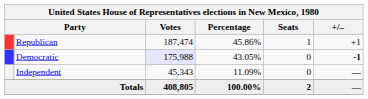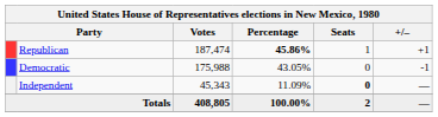 <table class="wikitable" style="font-size: 95%;">
 <tr>
 <th colspan="6">United States House of Representatives elections in New Mexico, 1980</th>
 </tr>
 <tr>
 <th colspan=2 style="width: 15em">Party</th>
 <th style="width: 5em">Votes</th>
 <th style="width: 7em">Percentage</th>
 <th style="width: 5em">Seats</th>
 <th style="width: 5em">+/–</th>
 </tr>
 <tr>
 <th style="background-color:#FF3333; width: 3px"></th>
 <td style="width: 130px"><a href='#'>Republican</a></td>
 <td align="right">187,474</td>
-<td align="right">45.86%</td>
+<td align="right"><strong>45.86%</strong></td>
 <td align="right">1</td>
 <td align="right">+1</td>
 </tr>
 <tr>
 <th style="background-color:#3333FF; width: 3px"></th>
 <td style="width: 130px"><a href='#'>Democratic</a></td>
-<td align="right" style="background: lavender;">175,988</td>
+<td align="right">175,988</td>
 <td align="right">43.05%</td>
 <td align="right">0</td>
-<td align="right"><strong>-1</strong></td>
+<td align="right">-1</td>
 </tr>
 <tr>
 <th style="background-color:"></th>
 <td style="width: 130px"><a href='#'>Independent</a></td>
 <td align="right">45,343</td>
 <td align="right">11.09%</td>
-<td align="right">0</td>
+<td align="right"><strong>0</strong></td>
 <td align="right">—</td>
 </tr>
 <tr>
 </tr>
 <tr bgcolor="#EEEEEE">
 <td colspan="2" align="right"><strong>Totals</strong></td>
 <td align="right"><strong>408,805</strong></td>
 <td align="right"><strong>100.00%</strong></td>
 <td align="right"><strong>2</strong></td>
 <td align="right"><strong>—</strong></td>
 </tr>
 <tr bgcolor="#EEEEEE">
 </tr>
 </table>
